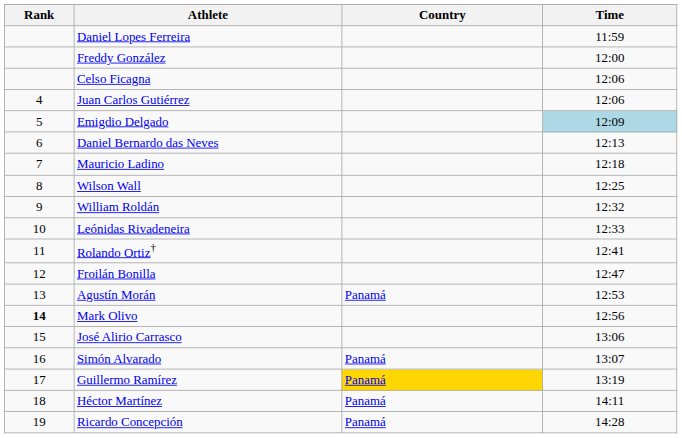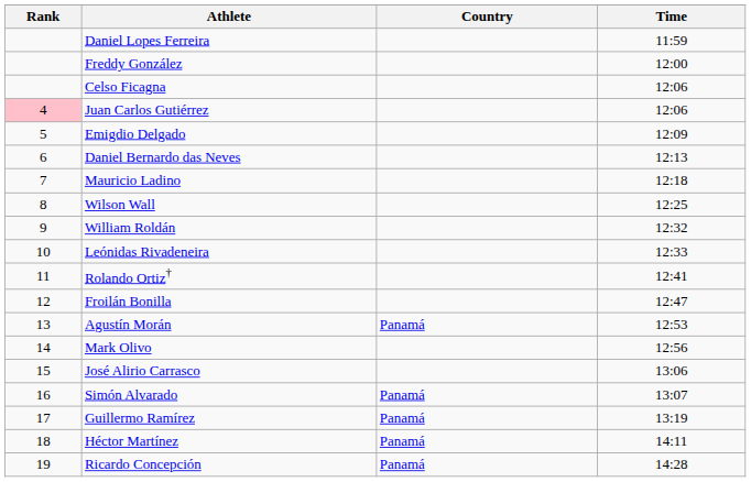 <table class="wikitable sortable" style=" text-align:center; font-size:95%;" width="50%">
 <tr>
 </tr>
 <tr>
 <th width=5%>Rank</th>
 <th width=20%>Athlete</th>
 <th width=15%>Country</th>
 <th width=10%>Time</th>
 </tr>
 <tr>
 <td align=center></td>
 <td align=left><a href='#'>Daniel Lopes Ferreira</a></td>
 <td align=left></td>
 <td>11:59</td>
 </tr>
 <tr>
 <td align=center></td>
 <td align=left><a href='#'>Freddy González</a></td>
 <td align=left></td>
 <td>12:00</td>
 </tr>
 <tr>
 <td align=center></td>
 <td align=left><a href='#'>Celso Ficagna</a></td>
 <td align=left></td>
 <td>12:06</td>
 </tr>
 <tr>
-<td align=center>4</td>
+<td align=center style="background: pink;">4</td>
 <td align=left><a href='#'>Juan Carlos Gutiérrez</a></td>
 <td align=left></td>
 <td>12:06</td>
 </tr>
 <tr>
 <td align=center>5</td>
 <td align=left><a href='#'>Emigdio Delgado</a></td>
 <td align=left></td>
-<td style="background: lightblue;">12:09</td>
+<td>12:09</td>
 </tr>
 <tr>
 <td align=center>6</td>
 <td align=left><a href='#'>Daniel Bernardo das Neves</a></td>
 <td align=left></td>
 <td>12:13</td>
 </tr>
 <tr>
 <td align=center>7</td>
 <td align=left><a href='#'>Mauricio Ladino</a></td>
 <td align=left></td>
 <td>12:18</td>
 </tr>
 <tr>
 <td align=center>8</td>
 <td align=left><a href='#'>Wilson Wall</a></td>
 <td align=left></td>
 <td>12:25</td>
 </tr>
 <tr>
 <td align=center>9</td>
 <td align=left><a href='#'>William Roldán</a></td>
 <td align=left></td>
 <td>12:32</td>
 </tr>
 <tr>
 <td align=center>10</td>
 <td align=left><a href='#'>Leónidas Rivadeneira</a></td>
 <td align=left></td>
 <td>12:33</td>
 </tr>
 <tr>
 <td align=center>11</td>
 <td align=left><a href='#'>Rolando Ortiz</a><sup>†</sup></td>
 <td align=left></td>
 <td>12:41</td>
 </tr>
 <tr>
 <td align=center>12</td>
 <td align=left><a href='#'>Froilán Bonilla</a></td>
 <td align=left></td>
 <td>12:47</td>
 </tr>
 <tr>
 <td align=center>13</td>
 <td align=left><a href='#'>Agustín Morán</a></td>
 <td align=left> <a href='#'>Panamá</a></td>
 <td>12:53</td>
 </tr>
 <tr>
-<td align=center><strong>14</strong></td>
+<td align=center>14</td>
 <td align=left><a href='#'>Mark Olivo</a></td>
 <td align=left></td>
 <td>12:56</td>
 </tr>
 <tr>
 <td align=center>15</td>
 <td align=left><a href='#'>José Alirio Carrasco</a></td>
 <td align=left></td>
 <td>13:06</td>
 </tr>
 <tr>
 <td align=center>16</td>
 <td align=left><a href='#'>Simón Alvarado</a></td>
 <td align=left> <a href='#'>Panamá</a></td>
 <td>13:07</td>
 </tr>
 <tr>
 <td align=center>17</td>
 <td align=left><a href='#'>Guillermo Ramírez</a></td>
-<td align=left style="background: gold;"> <a href='#'>Panamá</a></td>
+<td align=left> <a href='#'>Panamá</a></td>
 <td>13:19</td>
 </tr>
 <tr>
 <td align=center>18</td>
 <td align=left><a href='#'>Héctor Martínez</a></td>
 <td align=left> <a href='#'>Panamá</a></td>
 <td>14:11</td>
 </tr>
 <tr>
 <td align=center>19</td>
 <td align=left><a href='#'>Ricardo Concepción</a></td>
 <td align=left> <a href='#'>Panamá</a></td>
 <td>14:28</td>
 </tr>
 </table>
